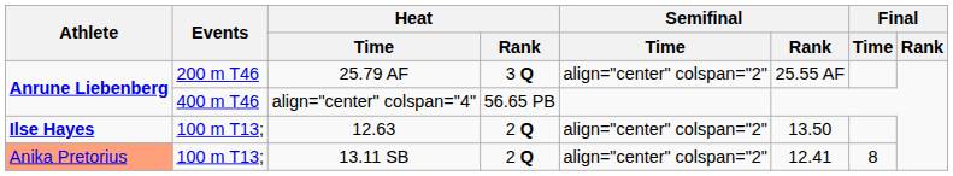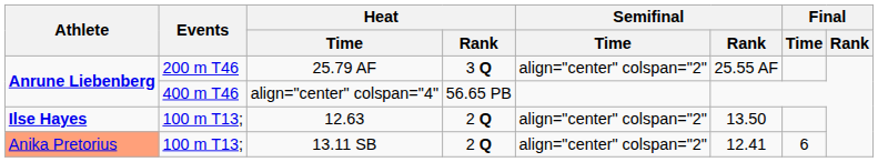 <table class=wikitable>
 <tr>
 <th rowspan="2">Athlete</th>
 <th rowspan="2">Events</th>
 <th colspan="2">Heat</th>
 <th colspan="2">Semifinal</th>
 <th colspan="2">Final</th>
 </tr>
 <tr>
 <th>Time</th>
 <th>Rank</th>
 <th>Time</th>
 <th>Rank</th>
 <th>Time</th>
 <th>Rank</th>
 </tr>
 <tr>
 <td rowspan="2"><strong><a href='#'>Anrune Liebenberg</a></strong></td>
 <td><a href='#'>200 m T46</a></td>
 <td style="text-align:center;">25.79 AF</td>
 <td style="text-align:center;">3 <strong>Q</strong></td>
 <td>align="center" colspan="2" </td>
 <td style="text-align:center;">25.55 AF</td>
 <td style="text-align:center;"></td>
 </tr>
 <tr>
 <td><a href='#'>400 m T46</a></td>
 <td>align="center" colspan="4" </td>
 <td style="text-align:center;">56.65 PB</td>
 <td style="text-align:center;"></td>
 </tr>
 <tr>
 <td><strong><a href='#'>Ilse Hayes</a></strong></td>
 <td><a href='#'>100 m T13</a>;</td>
 <td style="text-align:center;">12.63</td>
 <td style="text-align:center;">2 <strong>Q</strong></td>
 <td>align="center" colspan="2" </td>
 <td style="text-align:center;">13.50</td>
 <td style="text-align:center;"></td>
 </tr>
 <tr>
 <td style="background: lightsalmon;"><a href='#'>Anika Pretorius</a></td>
 <td><a href='#'>100 m T13</a>;</td>
 <td style="text-align:center;">13.11 SB</td>
 <td style="text-align:center;">2 <strong>Q</strong></td>
 <td>align="center" colspan="2" </td>
 <td style="text-align:center;">12.41</td>
-<td style="text-align:center;">8</td>
+<td style="text-align:center;">6</td>
 </tr>
 </table>
